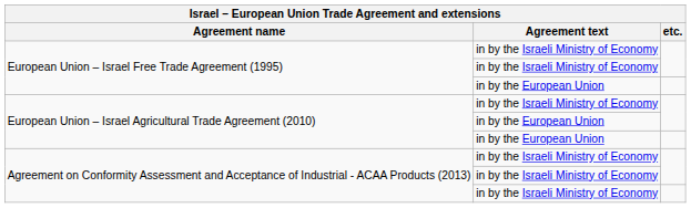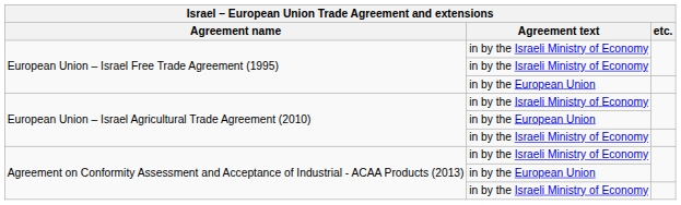 <table class="wikitable mw-collapsible mw-collapsed">
 <tr>
 <th colspan="3">Israel – European Union Trade Agreement and extensions</th>
 </tr>
 <tr>
 <th>Agreement name</th>
 <th>Agreement text</th>
 <th>etc.</th>
 </tr>
 <tr>
 <td rowspan="3">European Union – Israel Free Trade Agreement (1995)</td>
 <td>in  by the <a href='#'>Israeli Ministry of Economy</a></td>
 <td rowspan="2"></td>
 </tr>
 <tr>
 <td>in  by the <a href='#'>Israeli Ministry of Economy</a></td>
 </tr>
 <tr>
 <td>in  by the <a href='#'>European Union</a></td>
 <td></td>
 </tr>
 <tr>
 <td rowspan="3">European Union – Israel Agricultural Trade Agreement (2010)</td>
 <td>in  by the <a href='#'>Israeli Ministry of Economy</a></td>
 <td rowspan="2"></td>
 </tr>
 <tr>
 <td>in  by the <a href='#'>European Union</a></td>
 </tr>
 <tr>
-<td>in  by the <a href='#'>European Union</a></td>
+<td>in  by the <a href='#'>Israeli Ministry of Economy</a></td>
 <td></td>
 </tr>
 <tr>
 <td rowspan="3">Agreement on Conformity Assessment and Acceptance of Industrial - ACAA Products (2013)</td>
 <td>in  by the <a href='#'>Israeli Ministry of Economy</a></td>
 <td rowspan="2"></td>
 </tr>
 <tr>
-<td>in  by the <a href='#'>Israeli Ministry of Economy</a></td>
+<td>in  by the <a href='#'>European Union</a></td>
 </tr>
 <tr>
 <td>in  by the <a href='#'>Israeli Ministry of Economy</a></td>
 <td></td>
 </tr>
 </table>
